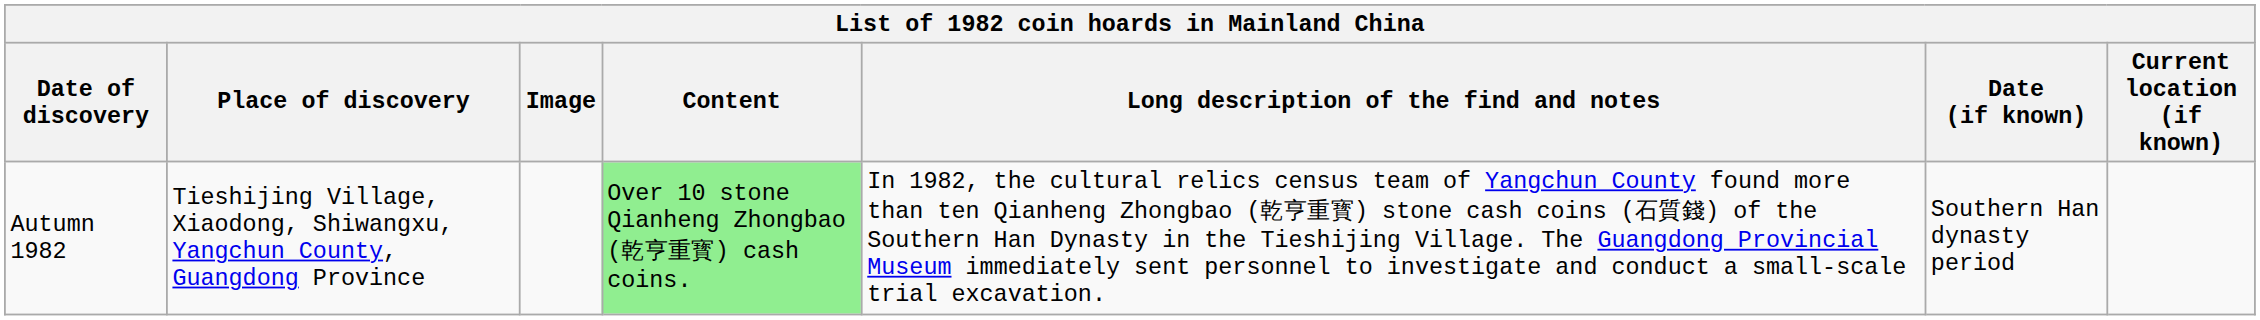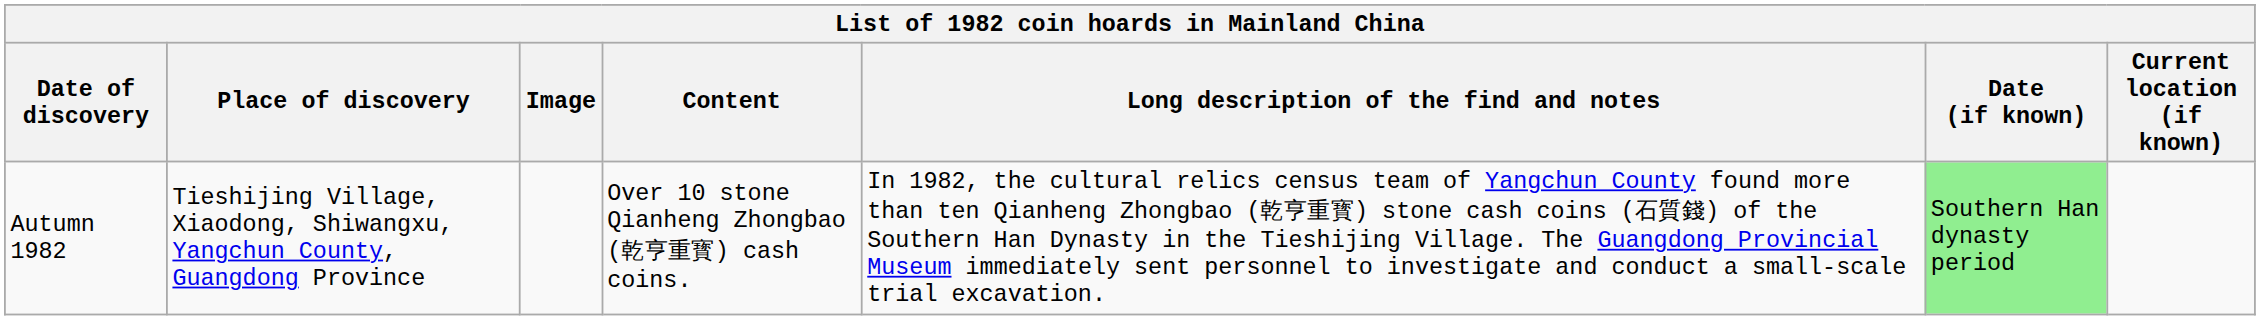 <table class="wikitable" style="font-size: 100%">
 <tr>
 <th colspan=7>List of 1982 coin hoards in Mainland China</th>
 </tr>
 <tr>
 <th>Date of discovery</th>
 <th>Place of discovery</th>
 <th>Image</th>
 <th>Content</th>
 <th>Long description of the find and notes</th>
 <th>Date<br>(if known)</th>
 <th>Current location<br>(if known)</th>
 </tr>
 <tr>
 <td>Autumn 1982</td>
 <td>Tieshijing Village, Xiaodong, Shiwangxu, <a href='#'>Yangchun County</a>, <a href='#'>Guangdong</a> Province</td>
 <td></td>
-<td style="background: lightgreen;">Over 10 stone Qianheng Zhongbao (乾亨重寳) cash coins.</td>
+<td>Over 10 stone Qianheng Zhongbao (乾亨重寳) cash coins.</td>
 <td>In 1982, the cultural relics census team of <a href='#'>Yangchun County</a> found more than ten Qianheng Zhongbao (乾亨重寳) stone cash coins (石質錢) of the Southern Han Dynasty in the Tieshijing Village. The <a href='#'>Guangdong Provincial Museum</a> immediately sent personnel to investigate and conduct a small-scale trial excavation.</td>
-<td>Southern Han dynasty period</td>
+<td style="background: lightgreen;">Southern Han dynasty period</td>
 <td></td>
 </tr>
 </table>
